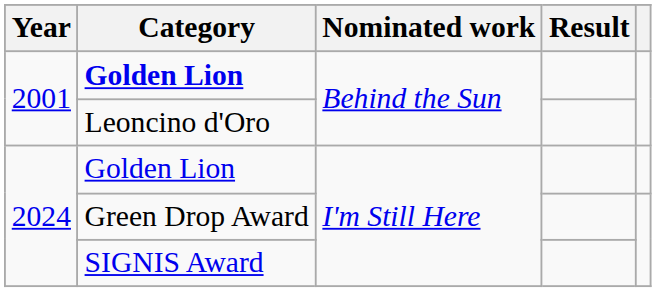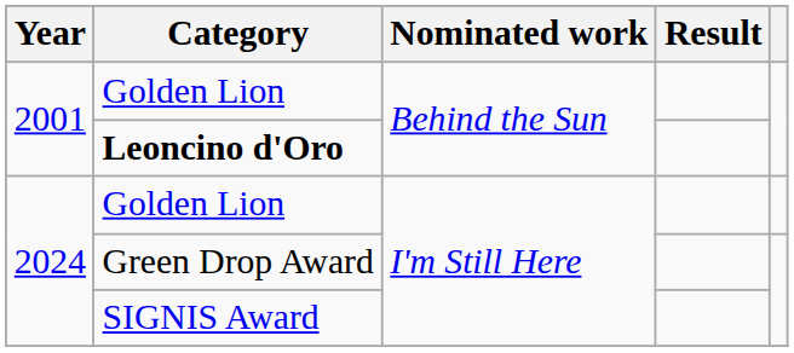 <table class="wikitable sortable">
 <tr>
 <th>Year</th>
 <th>Category</th>
 <th>Nominated work</th>
 <th>Result</th>
 <th class="unsortable"></th>
 </tr>
 <tr>
 <td rowspan="2"><a href='#'>2001</a></td>
-<td><strong><a href='#'>Golden Lion</a></strong></td>
+<td><a href='#'>Golden Lion</a></td>
 <td rowspan="2"><em><a href='#'>Behind the Sun</a></em></td>
 <td></td>
 <td rowspan="2"></td>
 </tr>
 <tr>
-<td>Leoncino d'Oro</td>
+<td><strong>Leoncino d'Oro</strong></td>
 <td></td>
 </tr>
 <tr>
 <td rowspan="3"><a href='#'>2024</a></td>
 <td><a href='#'>Golden Lion</a></td>
 <td rowspan="3"><em><a href='#'>I'm Still Here</a></em></td>
 <td></td>
 <td></td>
 </tr>
 <tr>
 <td>Green Drop Award</td>
 <td></td>
 <td rowspan="2"></td>
 </tr>
 <tr>
 <td><a href='#'>SIGNIS Award</a></td>
 <td></td>
 </tr>
 </table>
